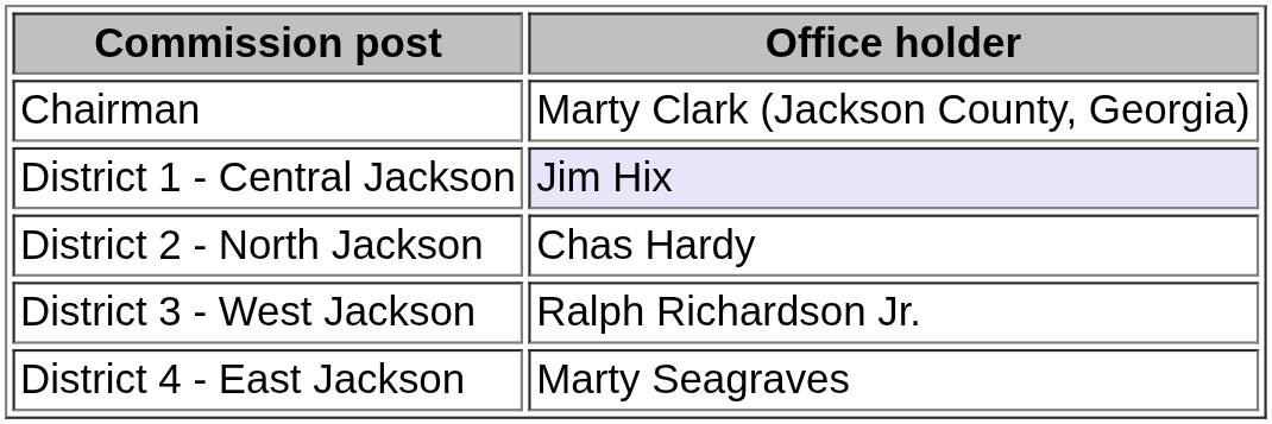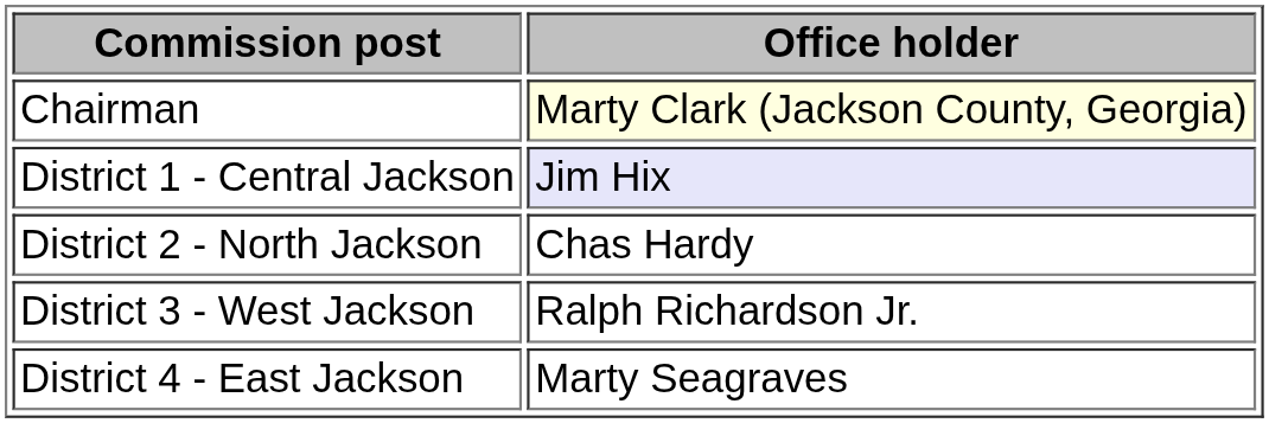 <table border="1" cellpadding="2" style="text-align:left">
 <tr>
 <td style="background:silver; text-align:center;"><strong>Commission post</strong></td>
 <td style="background:silver; text-align:center;"><strong>Office holder</strong></td>
 </tr>
 <tr>
 <td>Chairman</td>
-<td>Marty Clark (Jackson County, Georgia)</td>
+<td style="background: lightyellow;">Marty Clark (Jackson County, Georgia)</td>
 </tr>
 <tr>
 <td>District 1 - Central Jackson</td>
 <td style="background: lavender;">Jim Hix</td>
 </tr>
 <tr>
 <td>District 2 - North Jackson</td>
 <td>Chas Hardy</td>
 </tr>
 <tr>
 <td>District 3 - West Jackson</td>
 <td>Ralph Richardson Jr.</td>
 </tr>
 <tr>
 <td>District 4 - East Jackson</td>
 <td>Marty Seagraves</td>
 </tr>
 </table>
